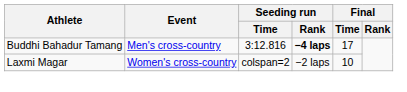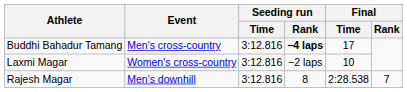 <table class=wikitable style=font-size:90%;text-align:center>
 <tr>
 <th rowspan="2">Athlete</th>
 <th rowspan="2">Event</th>
 <th colspan=2>Seeding run</th>
 <th colspan=2>Final</th>
 </tr>
 <tr>
 <th>Time</th>
 <th>Rank</th>
 <th>Time</th>
 <th>Rank</th>
 </tr>
 <tr>
 <td align=left>Buddhi Bahadur Tamang</td>
 <td align=left><a href='#'>Men's cross-country</a></td>
 <td>3:12.816</td>
 <td><strong>−4 laps</strong></td>
 <td>17</td>
 </tr>
 <tr>
 <td align=left>Laxmi Magar</td>
 <td align=left><a href='#'>Women's cross-country</a></td>
-<td>colspan=2 </td>
+<td>3:12.816</td>
 <td>−2 laps</td>
 <td>10</td>
 </tr>
+<tr>
+<td align=left>Rajesh Magar</td>
+<td align=left><a href='#'>Men's downhill</a></td>
+<td>3:12.816</td>
+<td>8</td>
+<td>2:28.538</td>
+<td>7</td>
+</tr>
 </table>
